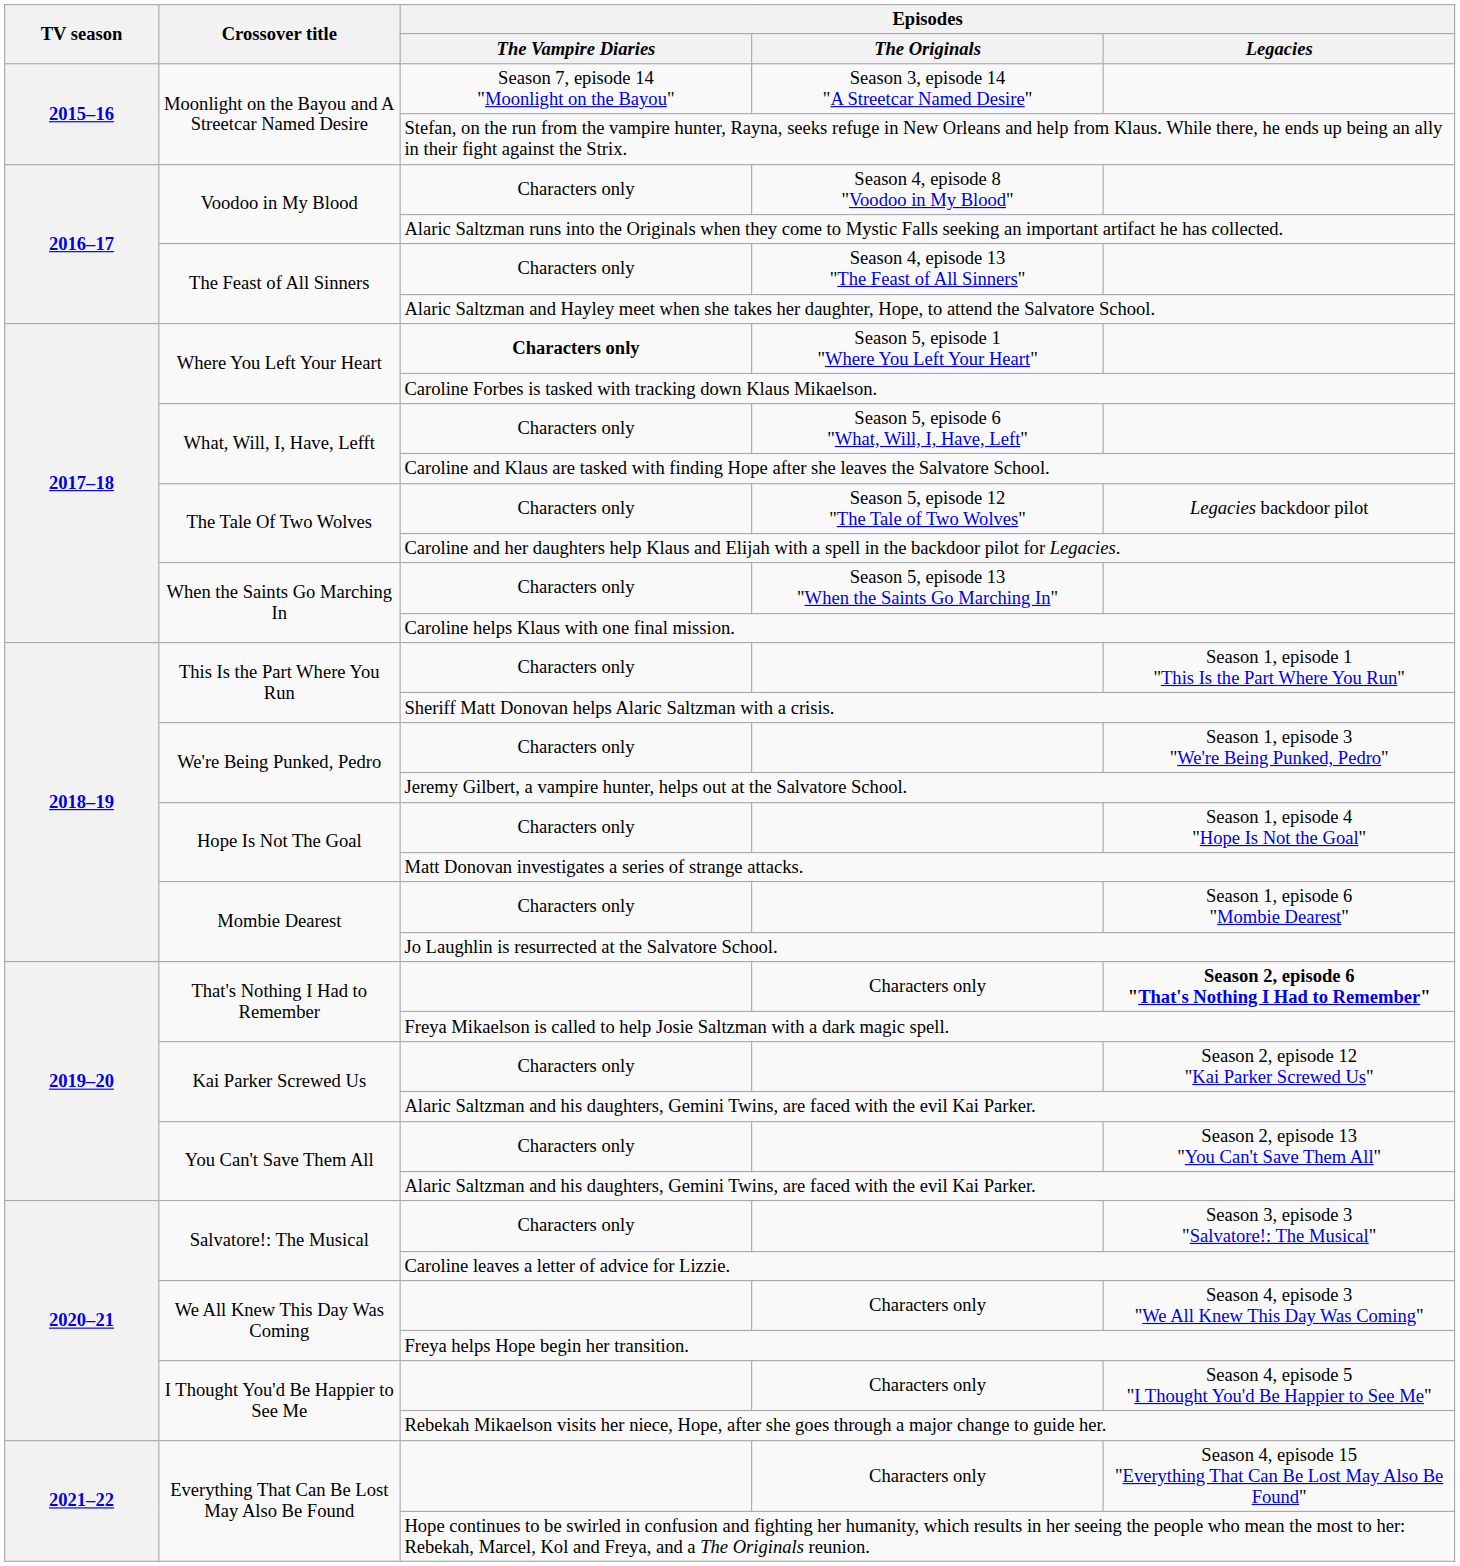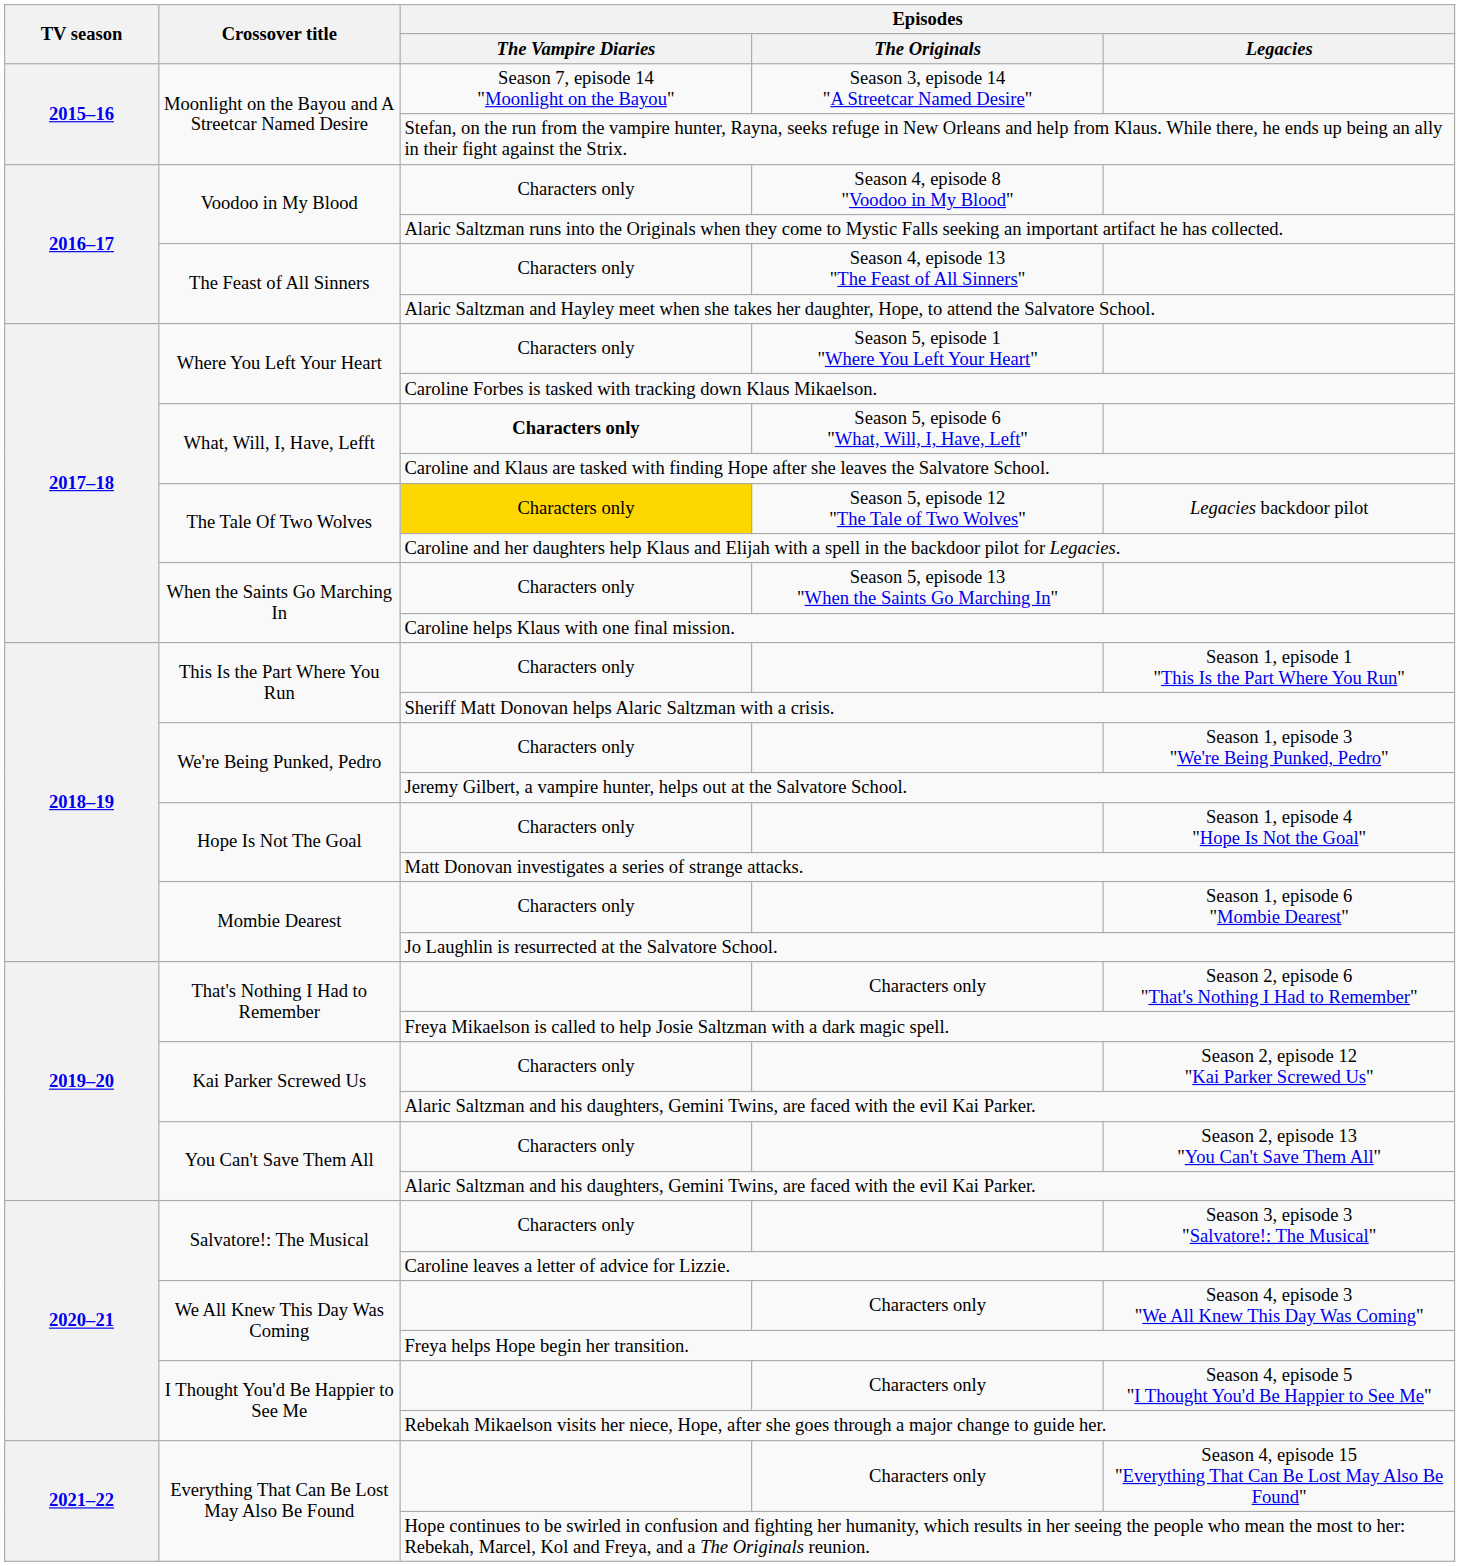 <table class="wikitable" style="width:99%; text-align:center;">
 <tr>
 <th scope="col" rowspan="2" width="7%">TV season</th>
 <th scope="col" rowspan="2" width="11%">Crossover title</th>
 <th scope="col" colspan="3">Episodes</th>
 </tr>
 <tr>
 <th width=16%><em>The Vampire Diaries</em></th>
 <th width=16%><em>The Originals</em></th>
 <th width=16%><em>Legacies</em></th>
 </tr>
 <tr>
 <th scope="row" rowspan="2"><a href='#'>2015–16</a></th>
 <td rowspan="2">Moonlight on the Bayou and A Streetcar Named Desire</td>
 <td>Season 7, episode 14<br>"<a href='#'>Moonlight on the Bayou</a>" </td>
 <td>Season 3, episode 14<br>"<a href='#'>A Streetcar Named Desire</a>" </td>
 <td></td>
 </tr>
 <tr>
 <td colspan="3" style="text-align:left;">Stefan, on the run from the vampire hunter, Rayna, seeks refuge in New Orleans and help from Klaus. While there, he ends up being an ally in their fight against the Strix.</td>
 </tr>
 <tr>
 <th scope="row" rowspan="4"><a href='#'>2016–17</a></th>
 <td rowspan="2">Voodoo in My Blood</td>
 <td>Characters only</td>
 <td>Season 4, episode 8<br>"<a href='#'>Voodoo in My Blood</a>" </td>
 <td></td>
 </tr>
 <tr>
 <td colspan="3" style="text-align:left;">Alaric Saltzman runs into the Originals when they come to Mystic Falls seeking an important artifact he has collected.</td>
 </tr>
 <tr>
 <td rowspan="2">The Feast of All Sinners</td>
 <td>Characters only</td>
 <td>Season 4, episode 13<br>"<a href='#'>The Feast of All Sinners</a>" </td>
 <td></td>
 </tr>
 <tr>
 <td colspan="3" style="text-align:left;">Alaric Saltzman and Hayley meet when she takes her daughter, Hope, to attend the Salvatore School.</td>
 </tr>
 <tr>
 <th scope="row" rowspan="8"><a href='#'>2017–18</a></th>
 <td rowspan="2">Where You Left Your Heart</td>
-<td><strong>Characters only</strong></td>
+<td>Characters only</td>
 <td>Season 5, episode 1<br>"<a href='#'>Where You Left Your Heart</a>" </td>
 <td></td>
 </tr>
 <tr>
 <td colspan="3" style="text-align:left;">Caroline Forbes is tasked with tracking down Klaus Mikaelson.</td>
 </tr>
 <tr>
 <td rowspan="2">What, Will, I, Have, Lefft</td>
-<td>Characters only</td>
+<td><strong>Characters only</strong></td>
 <td>Season 5, episode 6<br>"<a href='#'>What, Will, I, Have, Left</a>" </td>
 <td></td>
 </tr>
 <tr>
 <td colspan="3" style="text-align:left;">Caroline and Klaus are tasked with finding Hope after she leaves the Salvatore School.</td>
 </tr>
 <tr>
 <td rowspan="2">The Tale Of Two Wolves</td>
-<td>Characters only</td>
+<td style="background: gold;">Characters only</td>
 <td>Season 5, episode 12<br>"<a href='#'>The Tale of Two Wolves</a>" </td>
 <td><em>Legacies</em> backdoor pilot</td>
 </tr>
 <tr>
 <td colspan="3" style="text-align:left;">Caroline and her daughters help Klaus and Elijah with a spell in the backdoor pilot for <em>Legacies</em>.</td>
 </tr>
 <tr>
 <td rowspan="2">When the Saints Go Marching In</td>
 <td>Characters only</td>
 <td>Season 5, episode 13<br>"<a href='#'>When the Saints Go Marching In</a>" </td>
 <td></td>
 </tr>
 <tr>
 <td colspan="3" style="text-align:left;">Caroline helps Klaus with one final mission.</td>
 </tr>
 <tr>
 <th scope="row" rowspan="8"><a href='#'>2018–19</a></th>
 <td rowspan="2">This Is the Part Where You Run</td>
 <td>Characters only</td>
 <td></td>
 <td>Season 1, episode 1<br>"<a href='#'>This Is the Part Where You Run</a>" </td>
 </tr>
 <tr>
 <td colspan="3" style="text-align:left;">Sheriff Matt Donovan helps Alaric Saltzman with a crisis.</td>
 </tr>
 <tr>
 <td rowspan="2">We're Being Punked, Pedro</td>
 <td>Characters only</td>
 <td></td>
 <td>Season 1, episode 3<br>"<a href='#'>We're Being Punked, Pedro</a>" </td>
 </tr>
 <tr>
 <td colspan="3" style="text-align:left;">Jeremy Gilbert, a vampire hunter, helps out at the Salvatore School.</td>
 </tr>
 <tr>
 <td rowspan="2">Hope Is Not The Goal</td>
 <td>Characters only</td>
 <td></td>
 <td>Season 1, episode 4<br>"<a href='#'>Hope Is Not the Goal</a>" </td>
 </tr>
 <tr>
 <td colspan="3" style="text-align:left;">Matt Donovan investigates a series of strange attacks.</td>
 </tr>
 <tr>
 <td rowspan="2">Mombie Dearest</td>
 <td>Characters only</td>
 <td></td>
 <td>Season 1, episode 6<br>"<a href='#'>Mombie Dearest</a>" </td>
 </tr>
 <tr>
 <td colspan="3" style="text-align:left;">Jo Laughlin is resurrected at the Salvatore School.</td>
 </tr>
 <tr>
 <th scope="row" rowspan="6"><a href='#'>2019–20</a></th>
 <td rowspan="2">That's Nothing I Had to Remember</td>
 <td></td>
 <td>Characters only</td>
-<td><strong>Season 2, episode 6<br>"<a href='#'>That's Nothing I Had to Remember</a>" </strong></td>
+<td>Season 2, episode 6<br>"<a href='#'>That's Nothing I Had to Remember</a>" </td>
 </tr>
 <tr>
 <td colspan="3" style="text-align:left;">Freya Mikaelson is called to help Josie Saltzman with a dark magic spell.</td>
 </tr>
 <tr>
 <td rowspan="2">Kai Parker Screwed Us</td>
 <td>Characters only</td>
 <td></td>
 <td>Season 2, episode 12<br>"<a href='#'>Kai Parker Screwed Us</a>" </td>
 </tr>
 <tr>
 <td colspan="3" style="text-align:left;">Alaric Saltzman and his daughters, Gemini Twins, are faced with the evil Kai Parker.</td>
 </tr>
 <tr>
 <td rowspan="2">You Can't Save Them All</td>
 <td>Characters only</td>
 <td></td>
 <td>Season 2, episode 13<br>"<a href='#'>You Can't Save Them All</a>" </td>
 </tr>
 <tr>
 <td colspan="3" style="text-align:left;">Alaric Saltzman and his daughters, Gemini Twins, are faced with the evil Kai Parker.</td>
 </tr>
 <tr>
 <th scope="row" rowspan="6"><a href='#'>2020–21</a></th>
 <td rowspan="2">Salvatore!: The Musical</td>
 <td>Characters only</td>
 <td></td>
 <td>Season 3, episode 3<br>"<a href='#'>Salvatore!: The Musical</a>" </td>
 </tr>
 <tr>
 <td colspan="3" style="text-align:left;">Caroline leaves a letter of advice for Lizzie.</td>
 </tr>
 <tr>
 <td rowspan="2">We All Knew This Day Was Coming</td>
 <td></td>
 <td>Characters only</td>
 <td>Season 4, episode 3<br>"<a href='#'>We All Knew This Day Was Coming</a>" </td>
 </tr>
 <tr>
 <td colspan="3" style="text-align:left;">Freya helps Hope begin her transition.</td>
 </tr>
 <tr>
 <td rowspan="2">I Thought You'd Be Happier to See Me</td>
 <td></td>
 <td>Characters only</td>
 <td>Season 4, episode 5<br>"<a href='#'>I Thought You'd Be Happier to See Me</a>" </td>
 </tr>
 <tr>
 <td colspan="3" style="text-align:left;">Rebekah Mikaelson visits her niece, Hope, after she goes through a major change to guide her.</td>
 </tr>
 <tr>
 <th scope="row" rowspan="2"><a href='#'>2021–22</a></th>
 <td rowspan="2">Everything That Can Be Lost May Also Be Found</td>
 <td></td>
 <td>Characters only</td>
 <td>Season 4, episode 15<br>"<a href='#'>Everything That Can Be Lost May Also Be Found</a>" </td>
 </tr>
 <tr>
 <td colspan="3" style="text-align:left;">Hope continues to be swirled in confusion and fighting her humanity, which results in her seeing the people who mean the most to her: Rebekah, Marcel, Kol and Freya, and a <em>The Originals</em> reunion.</td>
 </tr>
 </table>
